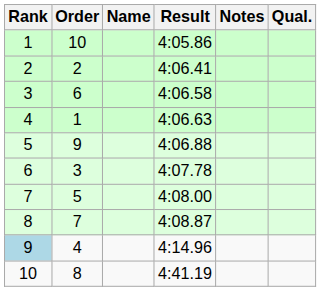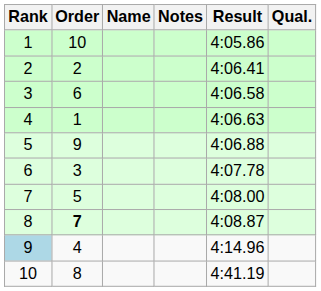 <table class="wikitable sortable" style="text-align:center">
 <tr>
 <th>Rank</th>
 <th>Order</th>
 <th>Name</th>
+<th>Notes</th>
 <th>Result</th>
-<th>Notes</th>
 <th>Qual.</th>
 </tr>
 <tr bgcolor=ccffcc>
 <td>1</td>
 <td>10</td>
 <td align="left"></td>
+<td></td>
 <td>4:05.86</td>
-<td></td>
 <td></td>
 </tr>
 <tr bgcolor=ccffcc>
 <td>2</td>
 <td>2</td>
 <td align="left"></td>
+<td></td>
 <td>4:06.41</td>
-<td></td>
 <td></td>
 </tr>
 <tr bgcolor=ccffcc>
 <td>3</td>
 <td>6</td>
 <td align="left"></td>
+<td></td>
 <td>4:06.58</td>
-<td></td>
 <td></td>
 </tr>
 <tr bgcolor=ccffcc>
 <td>4</td>
 <td>1</td>
 <td align="left"></td>
+<td></td>
 <td>4:06.63</td>
-<td></td>
 <td></td>
 </tr>
 <tr bgcolor=ddffdd>
 <td>5</td>
 <td>9</td>
 <td align="left"></td>
+<td></td>
 <td>4:06.88</td>
-<td></td>
 <td></td>
 </tr>
 <tr bgcolor=ddffdd>
 <td>6</td>
 <td>3</td>
 <td align="left"></td>
+<td></td>
 <td>4:07.78</td>
-<td></td>
 <td></td>
 </tr>
 <tr bgcolor=ddffdd>
 <td>7</td>
 <td>5</td>
 <td align="left"></td>
+<td></td>
 <td>4:08.00</td>
-<td></td>
 <td></td>
 </tr>
 <tr bgcolor=ddffdd>
 <td>8</td>
-<td>7</td>
+<td><strong>7</strong></td>
 <td align="left"></td>
+<td></td>
 <td>4:08.87</td>
-<td></td>
 <td></td>
 </tr>
 <tr>
 <td style="background: lightblue;">9</td>
 <td>4</td>
 <td align="left"></td>
+<td></td>
 <td>4:14.96</td>
-<td></td>
 <td></td>
 </tr>
 <tr>
 <td>10</td>
 <td>8</td>
 <td align="left"></td>
+<td></td>
 <td>4:41.19</td>
-<td></td>
 <td></td>
 </tr>
 </table>
